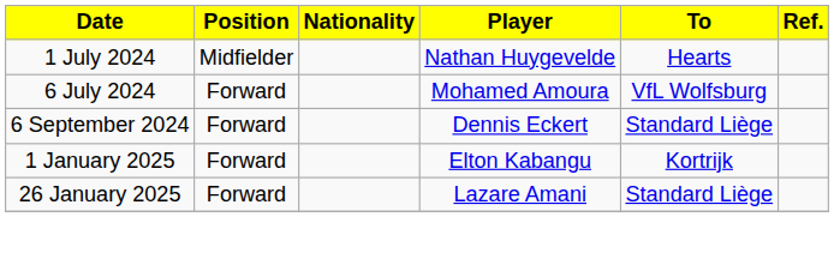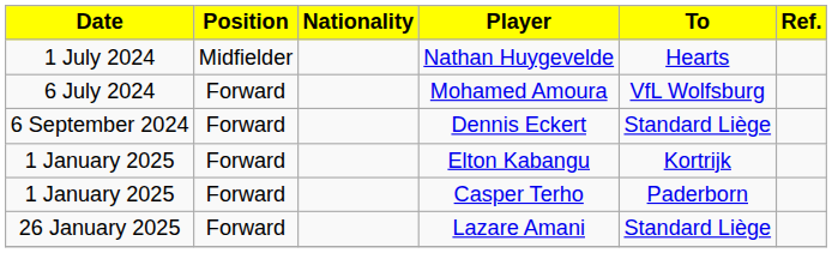 <table class="wikitable" style="text-align:center;">
 <tr>
 <th style="background:#FFFF00; color:#000000; ">Date</th>
 <th style="background:#FFFF00; color:#000000; ">Position</th>
 <th style="background:#FFFF00; color:#000000; ">Nationality</th>
 <th style="background:#FFFF00; color:#000000; ">Player</th>
 <th style="background:#FFFF00; color:#000000; ">To</th>
 <th style="background:#FFFF00; color:#000000; ">Ref.</th>
 </tr>
 <tr>
 <td>1 July 2024</td>
 <td>Midfielder</td>
 <td></td>
 <td><a href='#'>Nathan Huygevelde</a></td>
 <td> <a href='#'>Hearts</a> </td>
 <td></td>
 </tr>
 <tr>
 <td>6 July 2024</td>
 <td>Forward</td>
 <td></td>
 <td><a href='#'>Mohamed Amoura</a></td>
 <td> <a href='#'>VfL Wolfsburg</a> </td>
 <td></td>
 </tr>
 <tr>
 <td>6 September 2024</td>
 <td>Forward</td>
 <td></td>
 <td><a href='#'>Dennis Eckert</a></td>
 <td> <a href='#'>Standard Liège</a> </td>
 <td></td>
 </tr>
 <tr>
 <td>1 January 2025</td>
 <td>Forward</td>
 <td></td>
 <td><a href='#'>Elton Kabangu</a></td>
 <td> <a href='#'>Kortrijk</a> </td>
 <td></td>
 </tr>
 <tr>
+<td>1 January 2025</td>
+<td>Forward</td>
+<td></td>
+<td><a href='#'>Casper Terho</a></td>
+<td> <a href='#'>Paderborn</a> </td>
+<td></td>
+</tr>
+<tr>
 <td>26 January 2025</td>
 <td>Forward</td>
 <td></td>
 <td><a href='#'>Lazare Amani</a></td>
 <td> <a href='#'>Standard Liège</a> </td>
 <td></td>
 </tr>
 <tr>
 </tr>
 </table>
